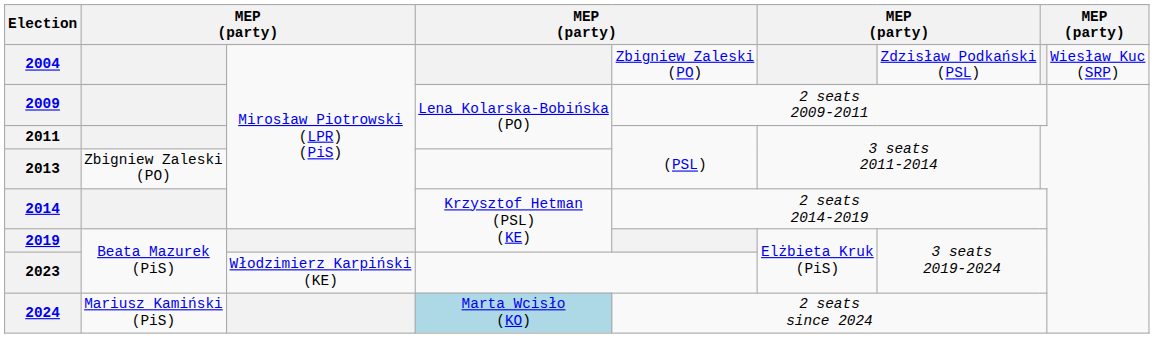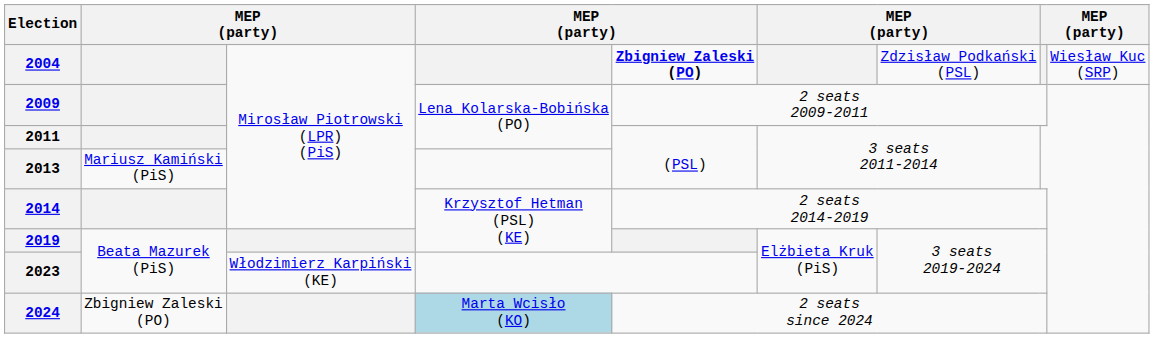 <table class= "wikitable" style= "text-align:center">
 <tr>
 <th>Election</th>
 <th colspan=2>MEP<br>(party)</th>
 <th colspan=2>MEP<br>(party)</th>
 <th colspan=2>MEP<br>(party)</th>
 <th colspan=2>MEP<br>(party)</th>
 </tr>
 <tr>
 <th><a href='#'>2004</a></th>
 <th style="background-color: "></th>
 <td rowspan=5><a href='#'>Mirosław Piotrowski</a><br>(<a href='#'>LPR</a>)<br>(<a href='#'>PiS</a>)</td>
 <th style="background-color: "></th>
-<td rowspan=1><a href='#'>Zbigniew Zaleski</a><br>(<a href='#'>PO</a>)</td>
+<td rowspan=1><strong><a href='#'>Zbigniew Zaleski</a><br>(<a href='#'>PO</a>)</strong></td>
 <th style="background-color: "></th>
 <td rowspan=1><a href='#'>Zdzisław Podkański</a><br>(<a href='#'>PSL</a>)</td>
 <th style="background-color: "></th>
 <td rowspan=1><a href='#'>Wiesław Kuc</a><br>(<a href='#'>SRP</a>)</td>
 </tr>
 <tr>
 <th><a href='#'>2009</a></th>
 <th style="background-color: "></th>
 <td rowspan=2><a href='#'>Lena Kolarska-Bobińska</a><br>(PO)</td>
 <td colspan=4 rowspan=1><em>2 seats<br>2009-2011</em></td>
 </tr>
 <tr>
 <th>2011</th>
 <th style="background-color: "></th>
 <td rowspan=2><br>(<a href='#'>PSL</a>)</td>
 <td colspan=2 rowspan=2><em>3 seats<br>2011-2014</em></td>
 </tr>
 <tr>
 <th>2013</th>
-<td rowspan=1>Zbigniew Zaleski<br>(PO)</td>
+<td rowspan=1><a href='#'>Mariusz Kamiński</a><br>(PiS)</td>
 </tr>
 <tr>
 <th><a href='#'>2014</a></th>
 <th style="background-color: "></th>
 <td rowspan=2><a href='#'>Krzysztof Hetman</a><br>(PSL)<br>(<a href='#'>KE</a>)</td>
 <td colspan=4 rowspan=1><em>2 seats<br>2014-2019</em></td>
 </tr>
 <tr>
 <th><a href='#'>2019</a></th>
 <td rowspan=2><a href='#'>Beata Mazurek</a><br>(PiS)</td>
 <th style="background-color: "></th>
 <th style="background-color: "></th>
 <td rowspan=2><a href='#'>Elżbieta Kruk</a><br>(PiS)</td>
 <td colspan=2 rowspan=2><em>3 seats<br>2019-2024</em></td>
 </tr>
 <tr>
 <th>2023</th>
 <td rowspan=1><a href='#'>Włodzimierz Karpiński</a><br>(KE)</td>
 </tr>
 <tr>
 <th><a href='#'>2024</a></th>
-<td rowspan=1><a href='#'>Mariusz Kamiński</a><br>(PiS)</td>
+<td rowspan=1>Zbigniew Zaleski<br>(PO)</td>
 <th style="background-color: "></th>
 <td rowspan=1 style="background: lightblue;"><a href='#'>Marta Wcisło</a><br>(<a href='#'>KO</a>)</td>
 <td colspan=4 rowspan=1><em>2 seats<br>since 2024</em></td>
 </tr>
 </table>
